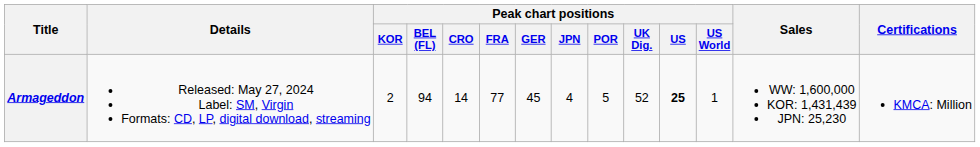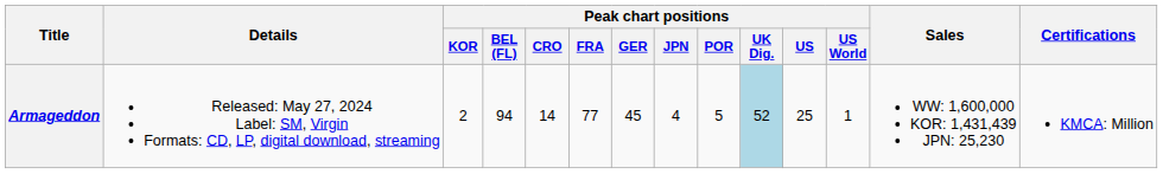 <table class="wikitable plainrowheaders" style="text-align:center">
 <tr>
 <th scope="col" rowspan="2">Title</th>
 <th scope="col" rowspan="2">Details</th>
 <th scope="col" colspan="10">Peak chart positions</th>
 <th scope="col" rowspan="2">Sales</th>
 <th scope="col" rowspan="2"><a href='#'>Certifications</a></th>
 </tr>
 <tr>
 <th scope="col" style="font-size:90%; width:2.5em"><a href='#'>KOR</a><br></th>
 <th scope="col" style="font-size:90%; width:2.75em"><a href='#'>BEL<br>(FL)</a><br></th>
 <th scope="col" style="font-size:90%; width:2.75em"><a href='#'>CRO</a><br></th>
 <th scope="col" style="font-size:90%; width:2.75em"><a href='#'>FRA</a><br></th>
 <th scope="col" style="font-size:90%; width:2.75em"><a href='#'>GER</a><br></th>
 <th scope="col" style="font-size:90%; width:2.75em"><a href='#'>JPN</a><br></th>
 <th scope="col" style="font-size:90%; width:2.75em"><a href='#'>POR</a><br></th>
 <th scope="col" style="font-size:90%; width:2.75em"><a href='#'>UK<br>Dig.</a><br></th>
 <th scope="col" style="font-size:90%; width:2.75em"><a href='#'>US</a><br></th>
 <th scope="col" style="font-size:90%; width:2.75em"><a href='#'>US<br>World</a><br></th>
 </tr>
 <tr>
 <th scope="row"><em><a href='#'>Armageddon</a></em></th>
 <td><br><ul><li>Released: May 27, 2024</li><li>Label: <a href='#'>SM</a>, <a href='#'>Virgin</a></li><li>Formats: <a href='#'>CD</a>, <a href='#'>LP</a>, <a href='#'>digital download</a>, <a href='#'>streaming</a></li></ul></td>
 <td>2</td>
 <td>94</td>
 <td>14</td>
 <td>77</td>
 <td>45</td>
 <td>4</td>
 <td>5</td>
-<td>52</td>
-<td><strong>25</strong></td>
+<td style="background: lightblue;">52</td>
+<td>25</td>
 <td>1</td>
 <td><br><ul><li>WW: 1,600,000</li><li>KOR: 1,431,439</li><li>JPN: 25,230</li></ul></td>
 <td><br><ul><li><a href='#'>KMCA</a>: Million</li></ul></td>
 </tr>
 </table>
